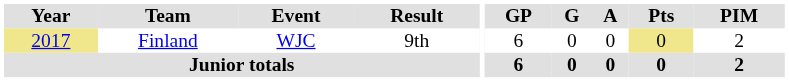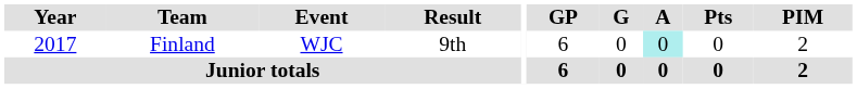 <table border="0" cellpadding="1" cellspacing="0" ID="Table3" style="text-align:center; width:40em">
 <tr ALIGN="center" bgcolor="#e0e0e0">
 <th>Year</th>
 <th>Team</th>
 <th>Event</th>
 <th>Result</th>
 <th rowspan="99" bgcolor="#ffffff"></th>
 <th>GP</th>
 <th>G</th>
 <th>A</th>
 <th>Pts</th>
 <th>PIM</th>
 </tr>
 <tr>
-<td style="background: khaki;"><a href='#'>2017</a></td>
+<td><a href='#'>2017</a></td>
 <td><a href='#'>Finland</a></td>
 <td><a href='#'>WJC</a></td>
 <td>9th</td>
 <td>6</td>
 <td>0</td>
+<td style="background: paleturquoise;">0</td>
 <td>0</td>
-<td style="background: khaki;">0</td>
 <td>2</td>
 </tr>
 <tr bgcolor="#e0e0e0">
 <th colspan="4">Junior totals</th>
 <th>6</th>
 <th>0</th>
 <th>0</th>
 <th>0</th>
 <th>2</th>
 </tr>
 </table>
